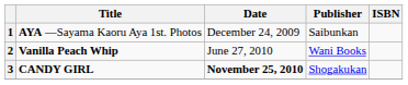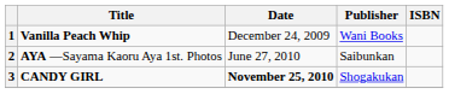 <table class="wikitable">
 <tr>
 <th></th>
 <th>Title</th>
 <th>Date</th>
 <th>Publisher</th>
 <th>ISBN</th>
 </tr>
 <tr>
 <th>1</th>
-<td><strong>AYA</strong> ―Sayama Kaoru Aya 1st. Photos</td>
+<td><strong>Vanilla Peach Whip</strong></td>
 <td>December 24, 2009</td>
-<td>Saibunkan</td>
+<td><a href='#'>Wani Books</a></td>
 <td></td>
 </tr>
 <tr>
 <th>2</th>
-<td><strong>Vanilla Peach Whip</strong></td>
+<td><strong>AYA</strong> ―Sayama Kaoru Aya 1st. Photos</td>
 <td>June 27, 2010</td>
-<td><a href='#'>Wani Books</a></td>
+<td>Saibunkan</td>
 <td></td>
 </tr>
 <tr>
 <th>3</th>
 <td><strong>CANDY GIRL</strong></td>
 <td><strong>November 25, 2010</strong></td>
 <td><a href='#'>Shogakukan</a></td>
 <td></td>
 </tr>
 <tr>
 </tr>
 </table>
